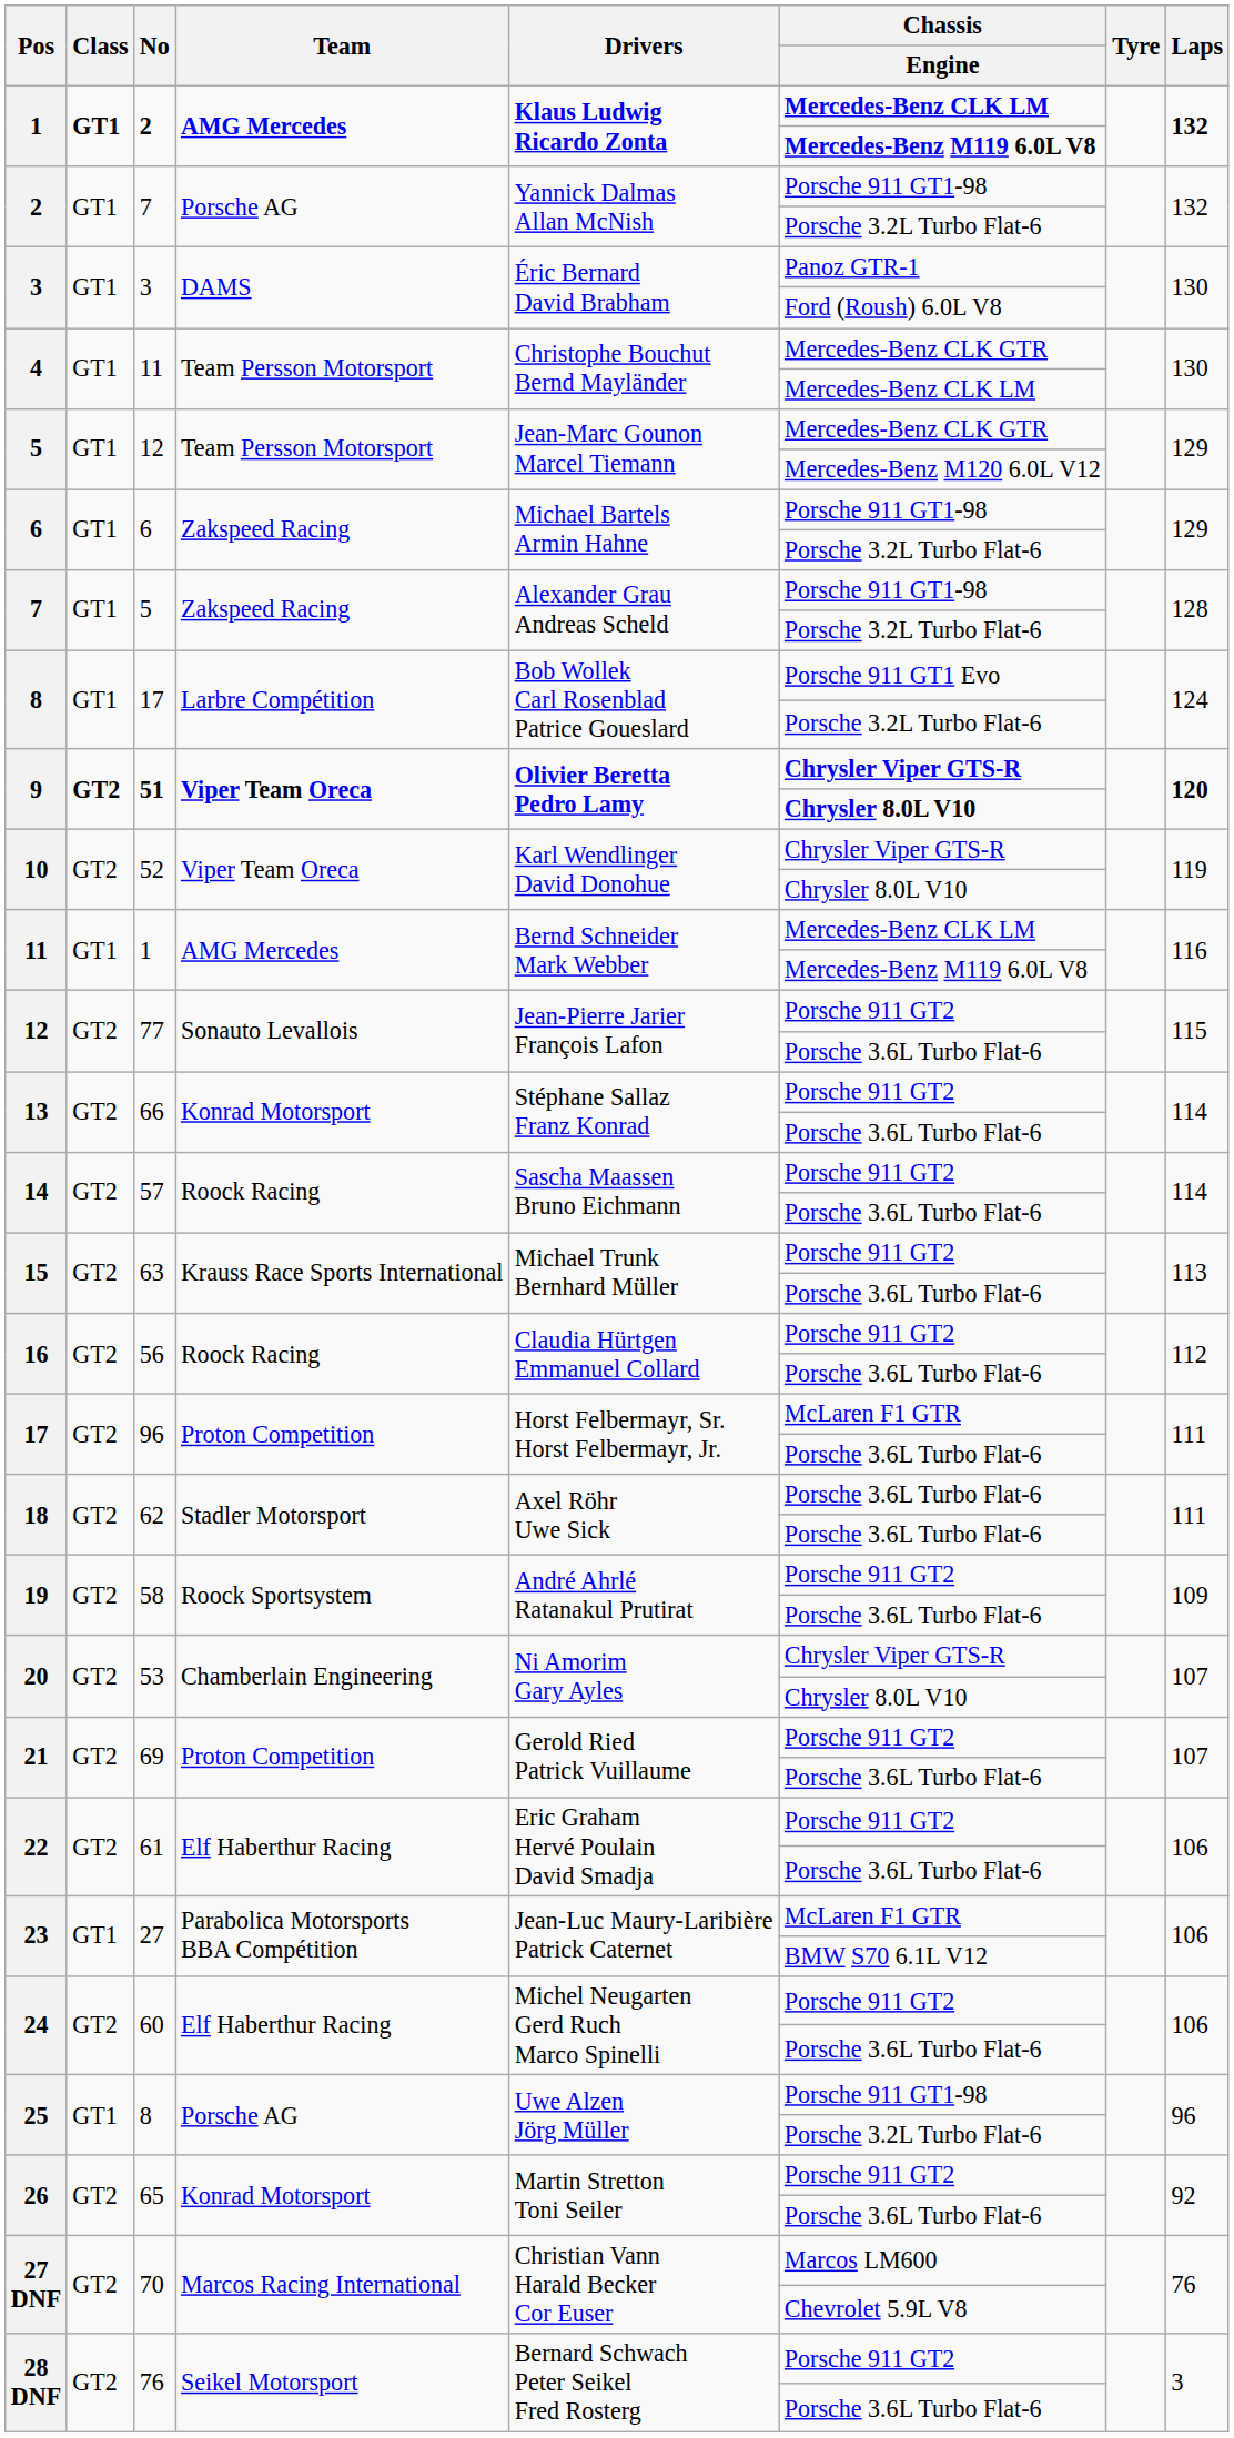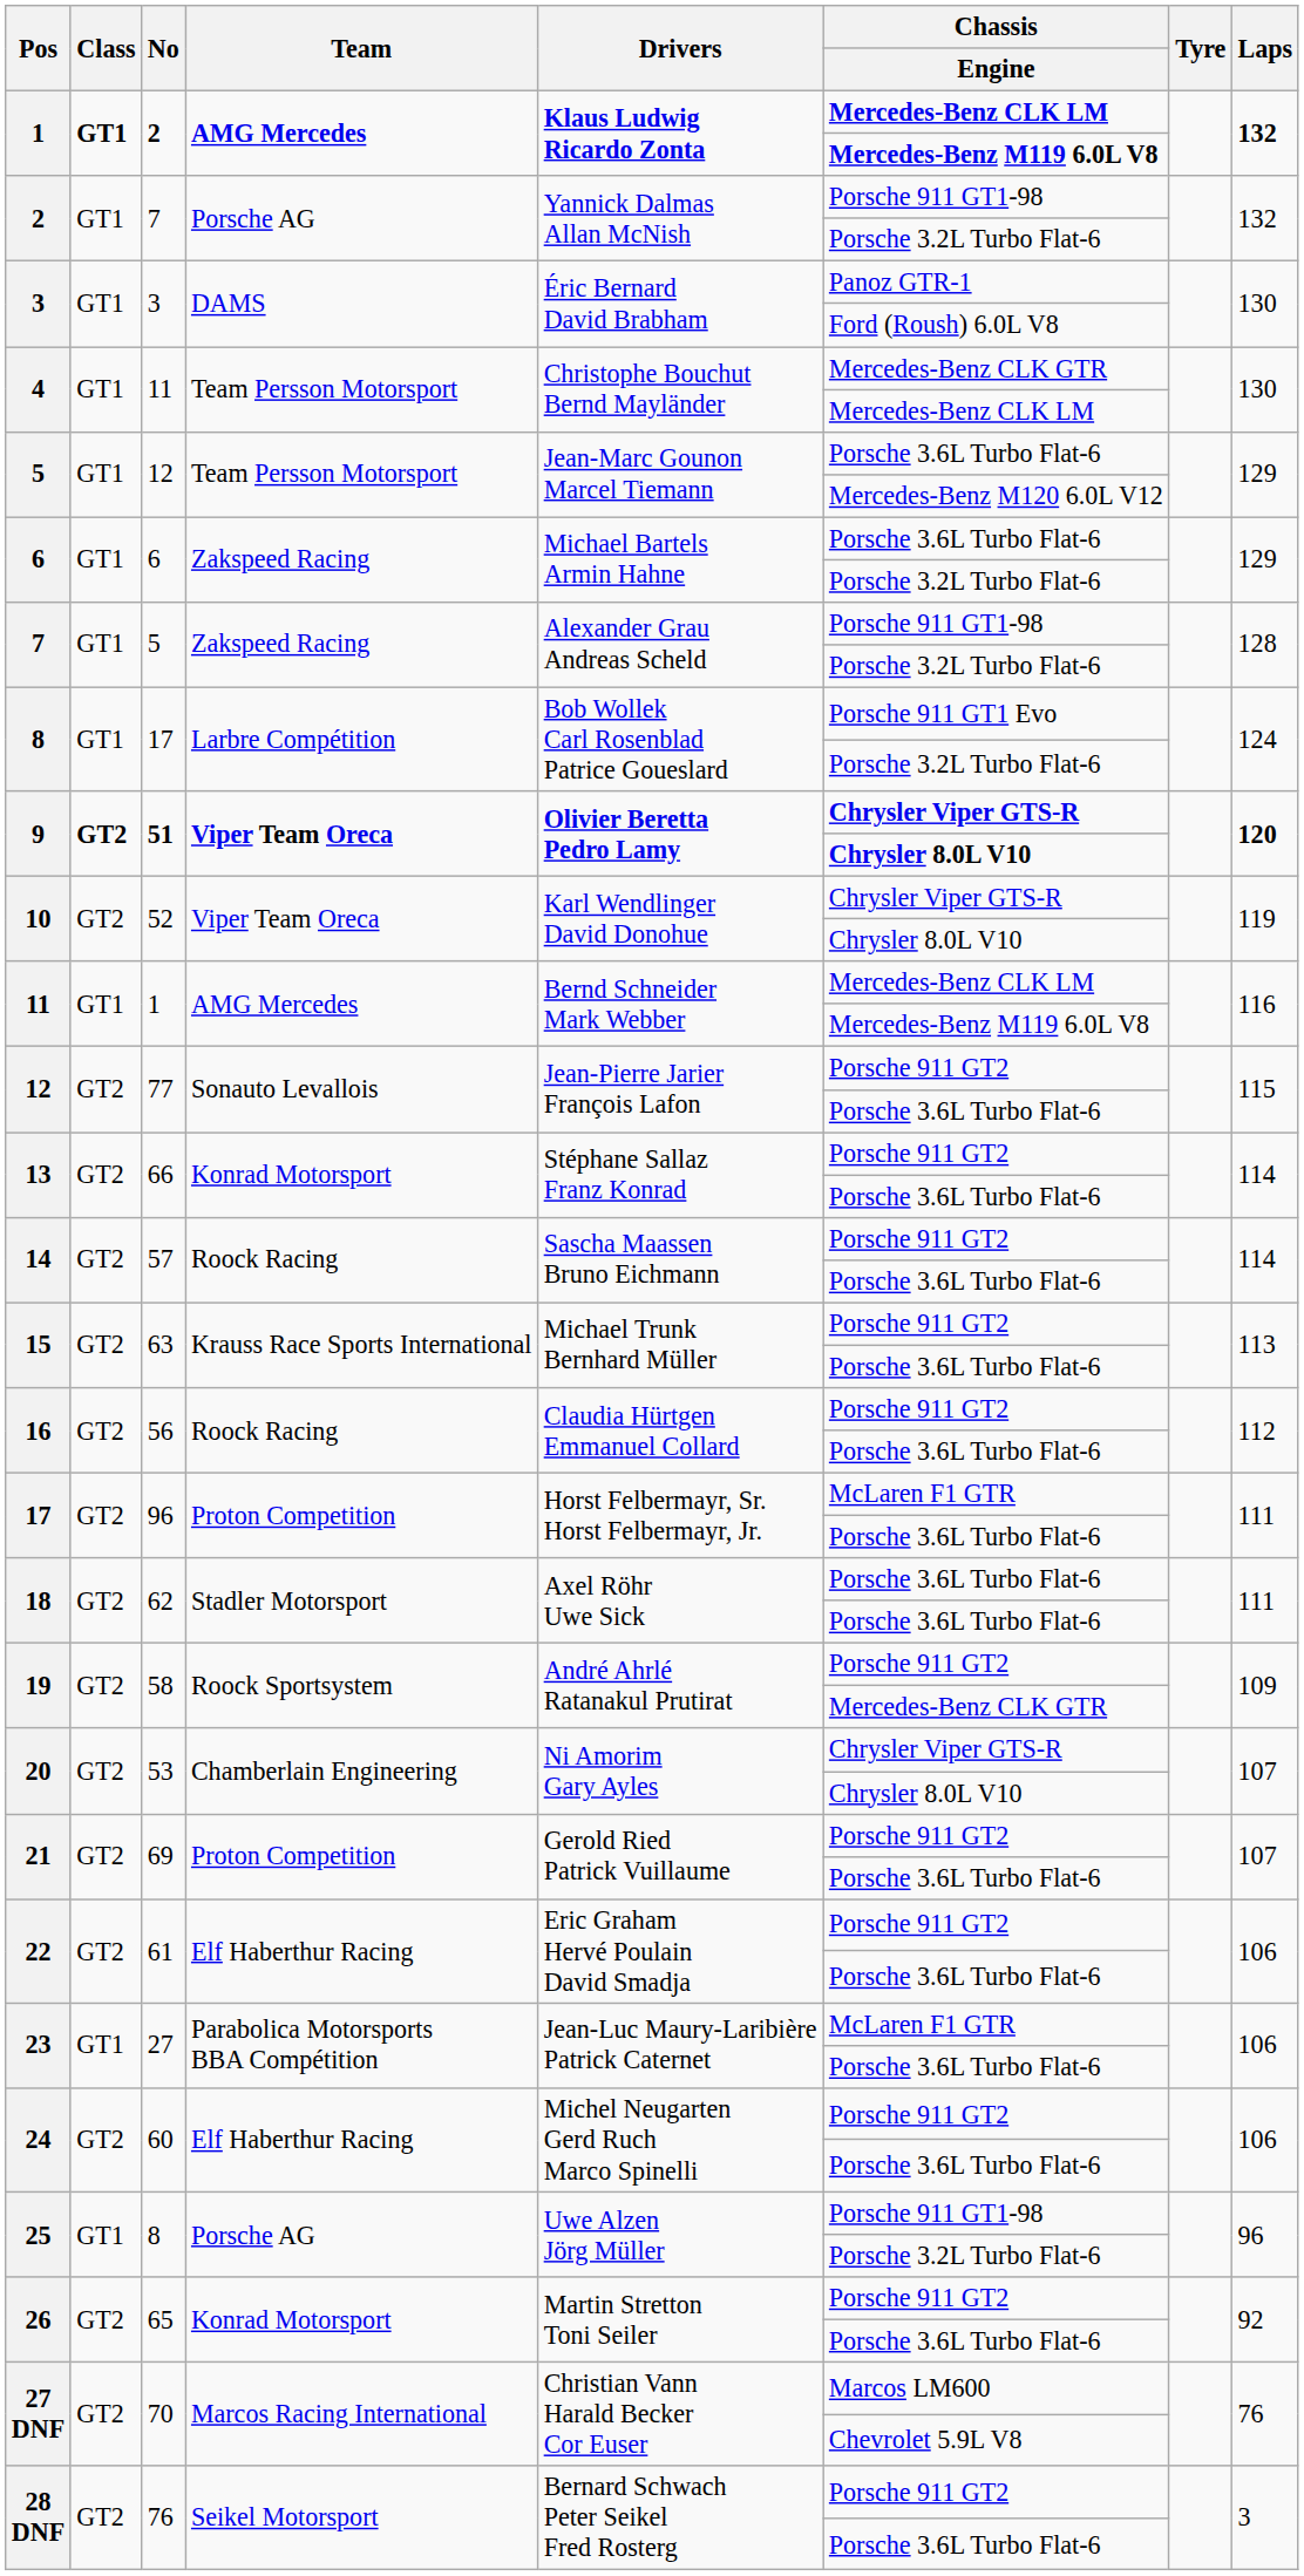 <table class="wikitable" style="font-size: 95%;">
 <tr>
 <th rowspan=2>Pos</th>
 <th rowspan=2>Class</th>
 <th rowspan=2>No</th>
 <th rowspan=2>Team</th>
 <th rowspan=2>Drivers</th>
 <th>Chassis</th>
 <th rowspan=2>Tyre</th>
 <th rowspan=2>Laps</th>
 </tr>
 <tr>
 <th>Engine</th>
 </tr>
 <tr style="font-weight:bold">
 <th rowspan=2>1</th>
 <td rowspan=2>GT1</td>
 <td rowspan=2>2</td>
 <td rowspan=2> <a href='#'>AMG Mercedes</a></td>
 <td rowspan=2> <a href='#'>Klaus Ludwig</a><br> <a href='#'>Ricardo Zonta</a></td>
 <td><a href='#'>Mercedes-Benz CLK LM</a></td>
 <td rowspan=2></td>
 <td rowspan=2>132</td>
 </tr>
 <tr style="font-weight:bold">
 <td><a href='#'>Mercedes-Benz</a> <a href='#'>M119</a> 6.0L V8</td>
 </tr>
 <tr>
 <th rowspan=2>2</th>
 <td rowspan=2>GT1</td>
 <td rowspan=2>7</td>
 <td rowspan=2> <a href='#'>Porsche</a> AG</td>
 <td rowspan=2> <a href='#'>Yannick Dalmas</a><br> <a href='#'>Allan McNish</a></td>
 <td><a href='#'>Porsche 911 GT1</a>-98</td>
 <td rowspan=2></td>
 <td rowspan=2>132</td>
 </tr>
 <tr>
 <td><a href='#'>Porsche</a> 3.2L Turbo Flat-6</td>
 </tr>
 <tr>
 <th rowspan=2>3</th>
 <td rowspan=2>GT1</td>
 <td rowspan=2>3</td>
 <td rowspan=2> <a href='#'>DAMS</a></td>
 <td rowspan=2> <a href='#'>Éric Bernard</a><br> <a href='#'>David Brabham</a></td>
 <td><a href='#'>Panoz GTR-1</a></td>
 <td rowspan=2></td>
 <td rowspan=2>130</td>
 </tr>
 <tr>
 <td><a href='#'>Ford</a> (<a href='#'>Roush</a>) 6.0L V8</td>
 </tr>
 <tr>
 <th rowspan=2>4</th>
 <td rowspan=2>GT1</td>
 <td rowspan=2>11</td>
 <td rowspan=2> Team <a href='#'>Persson Motorsport</a></td>
 <td rowspan=2> <a href='#'>Christophe Bouchut</a><br> <a href='#'>Bernd Mayländer</a></td>
 <td><a href='#'>Mercedes-Benz CLK GTR</a></td>
 <td rowspan=2></td>
 <td rowspan=2>130</td>
 </tr>
 <tr>
 <td><a href='#'>Mercedes-Benz CLK LM</a></td>
 </tr>
 <tr>
 <th rowspan=2>5</th>
 <td rowspan=2>GT1</td>
 <td rowspan=2>12</td>
 <td rowspan=2> Team <a href='#'>Persson Motorsport</a></td>
 <td rowspan=2> <a href='#'>Jean-Marc Gounon</a><br> <a href='#'>Marcel Tiemann</a></td>
-<td><a href='#'>Mercedes-Benz CLK GTR</a></td>
+<td><a href='#'>Porsche</a> 3.6L Turbo Flat-6</td>
 <td rowspan=2></td>
 <td rowspan=2>129</td>
 </tr>
 <tr>
 <td><a href='#'>Mercedes-Benz</a> <a href='#'>M120</a> 6.0L V12</td>
 </tr>
 <tr>
 <th rowspan=2>6</th>
 <td rowspan=2>GT1</td>
 <td rowspan=2>6</td>
 <td rowspan=2> <a href='#'>Zakspeed Racing</a></td>
 <td rowspan=2> <a href='#'>Michael Bartels</a><br> <a href='#'>Armin Hahne</a></td>
-<td><a href='#'>Porsche 911 GT1</a>-98</td>
+<td><a href='#'>Porsche</a> 3.6L Turbo Flat-6</td>
 <td rowspan=2></td>
 <td rowspan=2>129</td>
 </tr>
 <tr>
 <td><a href='#'>Porsche</a> 3.2L Turbo Flat-6</td>
 </tr>
 <tr>
 <th rowspan=2>7</th>
 <td rowspan=2>GT1</td>
 <td rowspan=2>5</td>
 <td rowspan=2> <a href='#'>Zakspeed Racing</a></td>
 <td rowspan=2> <a href='#'>Alexander Grau</a><br> Andreas Scheld</td>
 <td><a href='#'>Porsche 911 GT1</a>-98</td>
 <td rowspan=2></td>
 <td rowspan=2>128</td>
 </tr>
 <tr>
 <td><a href='#'>Porsche</a> 3.2L Turbo Flat-6</td>
 </tr>
 <tr>
 <th rowspan=2>8</th>
 <td rowspan=2>GT1</td>
 <td rowspan=2>17</td>
 <td rowspan=2> <a href='#'>Larbre Compétition</a></td>
 <td rowspan=2> <a href='#'>Bob Wollek</a><br> <a href='#'>Carl Rosenblad</a><br> Patrice Goueslard</td>
 <td><a href='#'>Porsche 911 GT1</a> Evo</td>
 <td rowspan=2></td>
 <td rowspan=2>124</td>
 </tr>
 <tr>
 <td><a href='#'>Porsche</a> 3.2L Turbo Flat-6</td>
 </tr>
 <tr style="font-weight:bold">
 <th rowspan=2>9</th>
 <td rowspan=2>GT2</td>
 <td rowspan=2>51</td>
 <td rowspan=2> <a href='#'>Viper</a> Team <a href='#'>Oreca</a></td>
 <td rowspan=2> <a href='#'>Olivier Beretta</a><br> <a href='#'>Pedro Lamy</a></td>
 <td><a href='#'>Chrysler Viper GTS-R</a></td>
 <td rowspan=2></td>
 <td rowspan=2>120</td>
 </tr>
 <tr style="font-weight:bold">
 <td><a href='#'>Chrysler</a> 8.0L V10</td>
 </tr>
 <tr>
 <th rowspan=2>10</th>
 <td rowspan=2>GT2</td>
 <td rowspan=2>52</td>
 <td rowspan=2> <a href='#'>Viper</a> Team <a href='#'>Oreca</a></td>
 <td rowspan=2> <a href='#'>Karl Wendlinger</a><br> <a href='#'>David Donohue</a></td>
 <td><a href='#'>Chrysler Viper GTS-R</a></td>
 <td rowspan=2></td>
 <td rowspan=2>119</td>
 </tr>
 <tr>
 <td><a href='#'>Chrysler</a> 8.0L V10</td>
 </tr>
 <tr>
 <th rowspan=2>11</th>
 <td rowspan=2>GT1</td>
 <td rowspan=2>1</td>
 <td rowspan=2> <a href='#'>AMG Mercedes</a></td>
 <td rowspan=2> <a href='#'>Bernd Schneider</a><br> <a href='#'>Mark Webber</a></td>
 <td><a href='#'>Mercedes-Benz CLK LM</a></td>
 <td rowspan=2></td>
 <td rowspan=2>116</td>
 </tr>
 <tr>
 <td><a href='#'>Mercedes-Benz</a> <a href='#'>M119</a> 6.0L V8</td>
 </tr>
 <tr>
 <th rowspan=2>12</th>
 <td rowspan=2>GT2</td>
 <td rowspan=2>77</td>
 <td rowspan=2> Sonauto Levallois</td>
 <td rowspan=2> <a href='#'>Jean-Pierre Jarier</a><br> François Lafon</td>
 <td><a href='#'>Porsche 911 GT2</a></td>
 <td rowspan=2></td>
 <td rowspan=2>115</td>
 </tr>
 <tr>
 <td><a href='#'>Porsche</a> 3.6L Turbo Flat-6</td>
 </tr>
 <tr>
 <th rowspan=2>13</th>
 <td rowspan=2>GT2</td>
 <td rowspan=2>66</td>
 <td rowspan=2> <a href='#'>Konrad Motorsport</a></td>
 <td rowspan=2> Stéphane Sallaz<br> <a href='#'>Franz Konrad</a></td>
 <td><a href='#'>Porsche 911 GT2</a></td>
 <td rowspan=2></td>
 <td rowspan=2>114</td>
 </tr>
 <tr>
 <td><a href='#'>Porsche</a> 3.6L Turbo Flat-6</td>
 </tr>
 <tr>
 <th rowspan=2>14</th>
 <td rowspan=2>GT2</td>
 <td rowspan=2>57</td>
 <td rowspan=2> Roock Racing</td>
 <td rowspan=2> <a href='#'>Sascha Maassen</a><br> Bruno Eichmann</td>
 <td><a href='#'>Porsche 911 GT2</a></td>
 <td rowspan=2></td>
 <td rowspan=2>114</td>
 </tr>
 <tr>
 <td><a href='#'>Porsche</a> 3.6L Turbo Flat-6</td>
 </tr>
 <tr>
 <th rowspan=2>15</th>
 <td rowspan=2>GT2</td>
 <td rowspan=2>63</td>
 <td rowspan=2> Krauss Race Sports International</td>
 <td rowspan=2> Michael Trunk<br> Bernhard Müller</td>
 <td><a href='#'>Porsche 911 GT2</a></td>
 <td rowspan=2></td>
 <td rowspan=2>113</td>
 </tr>
 <tr>
 <td><a href='#'>Porsche</a> 3.6L Turbo Flat-6</td>
 </tr>
 <tr>
 <th rowspan=2>16</th>
 <td rowspan=2>GT2</td>
 <td rowspan=2>56</td>
 <td rowspan=2> Roock Racing</td>
 <td rowspan=2> <a href='#'>Claudia Hürtgen</a><br> <a href='#'>Emmanuel Collard</a></td>
 <td><a href='#'>Porsche 911 GT2</a></td>
 <td rowspan=2></td>
 <td rowspan=2>112</td>
 </tr>
 <tr>
 <td><a href='#'>Porsche</a> 3.6L Turbo Flat-6</td>
 </tr>
 <tr>
 <th rowspan=2>17</th>
 <td rowspan=2>GT2</td>
 <td rowspan=2>96</td>
 <td rowspan=2> <a href='#'>Proton Competition</a></td>
 <td rowspan=2> Horst Felbermayr, Sr.<br> Horst Felbermayr, Jr.</td>
 <td><a href='#'>McLaren F1 GTR</a></td>
 <td rowspan=2></td>
 <td rowspan=2>111</td>
 </tr>
 <tr>
 <td><a href='#'>Porsche</a> 3.6L Turbo Flat-6</td>
 </tr>
 <tr>
 <th rowspan=2>18</th>
 <td rowspan=2>GT2</td>
 <td rowspan=2>62</td>
 <td rowspan=2> Stadler Motorsport</td>
 <td rowspan=2> Axel Röhr<br> Uwe Sick</td>
 <td><a href='#'>Porsche</a> 3.6L Turbo Flat-6</td>
 <td rowspan=2></td>
 <td rowspan=2>111</td>
 </tr>
 <tr>
 <td><a href='#'>Porsche</a> 3.6L Turbo Flat-6</td>
 </tr>
 <tr>
 <th rowspan=2>19</th>
 <td rowspan=2>GT2</td>
 <td rowspan=2>58</td>
 <td rowspan=2> Roock Sportsystem</td>
 <td rowspan=2> <a href='#'>André Ahrlé</a><br> Ratanakul Prutirat</td>
 <td><a href='#'>Porsche 911 GT2</a></td>
 <td rowspan=2></td>
 <td rowspan=2>109</td>
 </tr>
 <tr>
-<td><a href='#'>Porsche</a> 3.6L Turbo Flat-6</td>
+<td><a href='#'>Mercedes-Benz CLK GTR</a></td>
 </tr>
 <tr>
 <th rowspan=2>20</th>
 <td rowspan=2>GT2</td>
 <td rowspan=2>53</td>
 <td rowspan=2> Chamberlain Engineering</td>
 <td rowspan=2> <a href='#'>Ni Amorim</a><br> <a href='#'>Gary Ayles</a></td>
 <td><a href='#'>Chrysler Viper GTS-R</a></td>
 <td rowspan=2></td>
 <td rowspan=2>107</td>
 </tr>
 <tr>
 <td><a href='#'>Chrysler</a> 8.0L V10</td>
 </tr>
 <tr>
 <th rowspan=2>21</th>
 <td rowspan=2>GT2</td>
 <td rowspan=2>69</td>
 <td rowspan=2> <a href='#'>Proton Competition</a></td>
 <td rowspan=2> Gerold Ried<br> Patrick Vuillaume</td>
 <td><a href='#'>Porsche 911 GT2</a></td>
 <td rowspan=2></td>
 <td rowspan=2>107</td>
 </tr>
 <tr>
 <td><a href='#'>Porsche</a> 3.6L Turbo Flat-6</td>
 </tr>
 <tr>
 <th rowspan=2>22</th>
 <td rowspan=2>GT2</td>
 <td rowspan=2>61</td>
 <td rowspan=2> <a href='#'>Elf</a> Haberthur Racing</td>
 <td rowspan=2> Eric Graham<br> Hervé Poulain<br> David Smadja</td>
 <td><a href='#'>Porsche 911 GT2</a></td>
 <td rowspan=2></td>
 <td rowspan=2>106</td>
 </tr>
 <tr>
 <td><a href='#'>Porsche</a> 3.6L Turbo Flat-6</td>
 </tr>
 <tr>
 <th rowspan=2>23</th>
 <td rowspan=2>GT1</td>
 <td rowspan=2>27</td>
 <td rowspan=2> Parabolica Motorsports<br> BBA Compétition</td>
 <td rowspan=2> Jean-Luc Maury-Laribière<br> Patrick Caternet</td>
 <td><a href='#'>McLaren F1 GTR</a></td>
 <td rowspan=2></td>
 <td rowspan=2>106</td>
 </tr>
 <tr>
-<td><a href='#'>BMW</a> <a href='#'>S70</a> 6.1L V12</td>
+<td><a href='#'>Porsche</a> 3.6L Turbo Flat-6</td>
 </tr>
 <tr>
 <th rowspan=2>24</th>
 <td rowspan=2>GT2</td>
 <td rowspan=2>60</td>
 <td rowspan=2> <a href='#'>Elf</a> Haberthur Racing</td>
 <td rowspan=2> Michel Neugarten<br> Gerd Ruch<br> Marco Spinelli</td>
 <td><a href='#'>Porsche 911 GT2</a></td>
 <td rowspan=2></td>
 <td rowspan=2>106</td>
 </tr>
 <tr>
 <td><a href='#'>Porsche</a> 3.6L Turbo Flat-6</td>
 </tr>
 <tr>
 <th rowspan=2>25</th>
 <td rowspan=2>GT1</td>
 <td rowspan=2>8</td>
 <td rowspan=2> <a href='#'>Porsche</a> AG</td>
 <td rowspan=2> <a href='#'>Uwe Alzen</a><br> <a href='#'>Jörg Müller</a></td>
 <td><a href='#'>Porsche 911 GT1</a>-98</td>
 <td rowspan=2></td>
 <td rowspan=2>96</td>
 </tr>
 <tr>
 <td><a href='#'>Porsche</a> 3.2L Turbo Flat-6</td>
 </tr>
 <tr>
 <th rowspan=2>26</th>
 <td rowspan=2>GT2</td>
 <td rowspan=2>65</td>
 <td rowspan=2> <a href='#'>Konrad Motorsport</a></td>
 <td rowspan=2> Martin Stretton<br> Toni Seiler</td>
 <td><a href='#'>Porsche 911 GT2</a></td>
 <td rowspan=2></td>
 <td rowspan=2>92</td>
 </tr>
 <tr>
 <td><a href='#'>Porsche</a> 3.6L Turbo Flat-6</td>
 </tr>
 <tr>
 <th rowspan=2>27<br>DNF</th>
 <td rowspan=2>GT2</td>
 <td rowspan=2>70</td>
 <td rowspan=2> <a href='#'>Marcos Racing International</a></td>
 <td rowspan=2> Christian Vann<br> Harald Becker<br> <a href='#'>Cor Euser</a></td>
 <td><a href='#'>Marcos</a> LM600</td>
 <td rowspan=2></td>
 <td rowspan=2>76</td>
 </tr>
 <tr>
 <td><a href='#'>Chevrolet</a> 5.9L V8</td>
 </tr>
 <tr>
 <th rowspan=2>28<br>DNF</th>
 <td rowspan=2>GT2</td>
 <td rowspan=2>76</td>
 <td rowspan=2> <a href='#'>Seikel Motorsport</a></td>
 <td rowspan=2> Bernard Schwach<br> Peter Seikel<br> Fred Rosterg</td>
 <td><a href='#'>Porsche 911 GT2</a></td>
 <td rowspan=2></td>
 <td rowspan=2>3</td>
 </tr>
 <tr>
 <td><a href='#'>Porsche</a> 3.6L Turbo Flat-6</td>
 </tr>
 </table>
